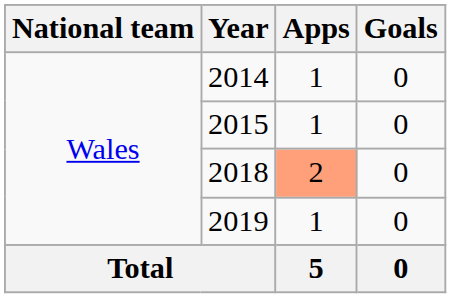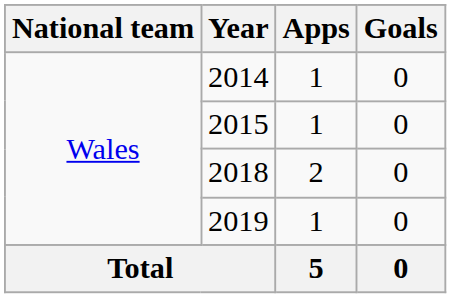 <table class="wikitable" style="text-align: center;">
 <tr>
 <th>National team</th>
 <th>Year</th>
 <th>Apps</th>
 <th>Goals</th>
 </tr>
 <tr>
 <td rowspan=4><a href='#'>Wales</a></td>
 <td>2014</td>
 <td>1</td>
 <td>0</td>
 </tr>
 <tr>
 <td>2015</td>
 <td>1</td>
 <td>0</td>
 </tr>
 <tr>
 <td>2018</td>
-<td style="background: lightsalmon;">2</td>
+<td>2</td>
 <td>0</td>
 </tr>
 <tr>
 <td>2019</td>
 <td>1</td>
 <td>0</td>
 </tr>
 <tr>
 <th colspan=2>Total</th>
 <th>5</th>
 <th>0</th>
 </tr>
 </table>
